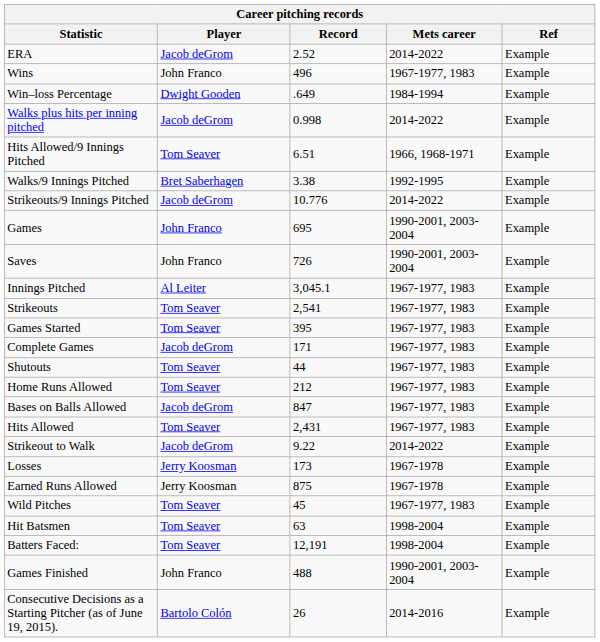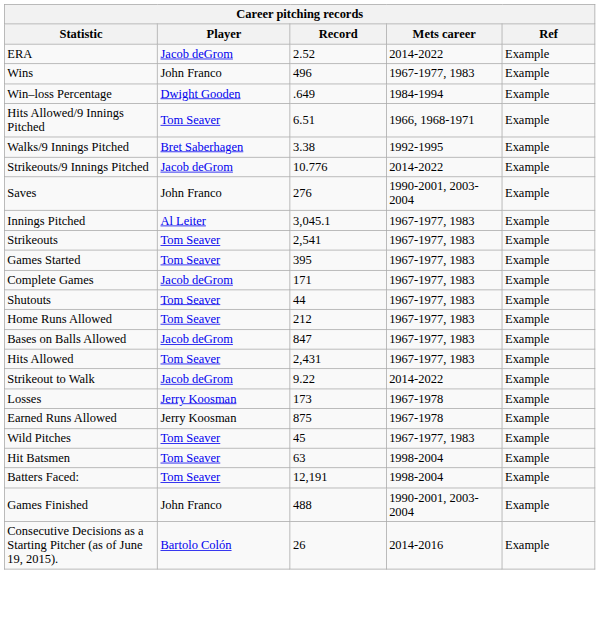 <table class="sortable wikitable" style="text-align:left" width="60%">
 <tr>
 <th colspan=5>Career pitching records</th>
 </tr>
 <tr>
 <th scope="col" width=10%>Statistic</th>
 <th scope="col" width=8%>Player</th>
 <th scope="col" width=6% class="unsortable">Record</th>
 <th scope="col" width=8%>Mets career</th>
 <th scope="col" width=5% class="unsortable">Ref</th>
 </tr>
 <tr>
 <td>ERA</td>
 <td><a href='#'>Jacob deGrom</a></td>
 <td>2.52</td>
 <td>2014-2022</td>
 <td>Example</td>
 </tr>
 <tr>
 <td>Wins</td>
 <td>John Franco</td>
 <td>496</td>
 <td>1967-1977, 1983</td>
 <td>Example</td>
 </tr>
 <tr>
 <td>Win–loss Percentage</td>
 <td><a href='#'>Dwight Gooden</a></td>
 <td>.649</td>
 <td>1984-1994</td>
 <td>Example</td>
 </tr>
 <tr>
-<td><a href='#'>Walks plus hits per inning pitched</a></td>
-<td><a href='#'>Jacob deGrom</a></td>
-<td>0.998</td>
-<td>2014-2022</td>
-<td>Example</td>
-</tr>
-<tr>
 <td>Hits Allowed/9 Innings Pitched</td>
 <td><a href='#'>Tom Seaver</a></td>
 <td>6.51</td>
 <td>1966, 1968-1971</td>
 <td>Example</td>
 </tr>
 <tr>
 <td>Walks/9 Innings Pitched</td>
 <td><a href='#'>Bret Saberhagen</a></td>
 <td>3.38</td>
 <td>1992-1995</td>
 <td>Example</td>
 </tr>
 <tr>
 <td>Strikeouts/9 Innings Pitched</td>
 <td><a href='#'>Jacob deGrom</a></td>
 <td>10.776</td>
 <td>2014-2022</td>
 <td>Example</td>
 </tr>
 <tr>
-<td>Games</td>
-<td><a href='#'>John Franco</a></td>
-<td>695</td>
-<td>1990-2001, 2003-2004</td>
-<td>Example</td>
-</tr>
-<tr>
 <td>Saves</td>
 <td>John Franco</td>
-<td>726</td>
+<td>276</td>
 <td>1990-2001, 2003-2004</td>
 <td>Example</td>
 </tr>
 <tr>
 <td>Innings Pitched</td>
 <td><a href='#'>Al Leiter</a></td>
 <td>3,045.1</td>
 <td>1967-1977, 1983</td>
 <td>Example</td>
 </tr>
 <tr>
 <td>Strikeouts</td>
 <td><a href='#'>Tom Seaver</a></td>
 <td>2,541</td>
 <td>1967-1977, 1983</td>
 <td>Example</td>
 </tr>
 <tr>
 <td>Games Started</td>
 <td><a href='#'>Tom Seaver</a></td>
 <td>395</td>
 <td>1967-1977, 1983</td>
 <td>Example</td>
 </tr>
 <tr>
 <td>Complete Games</td>
 <td><a href='#'>Jacob deGrom</a></td>
 <td>171</td>
 <td>1967-1977, 1983</td>
 <td>Example</td>
 </tr>
 <tr>
 <td>Shutouts</td>
 <td><a href='#'>Tom Seaver</a></td>
 <td>44</td>
 <td>1967-1977, 1983</td>
 <td>Example</td>
 </tr>
 <tr>
 <td>Home Runs Allowed</td>
 <td><a href='#'>Tom Seaver</a></td>
 <td>212</td>
 <td>1967-1977, 1983</td>
 <td>Example</td>
 </tr>
 <tr>
 <td>Bases on Balls Allowed</td>
 <td><a href='#'>Jacob deGrom</a></td>
 <td>847</td>
 <td>1967-1977, 1983</td>
 <td>Example</td>
 </tr>
 <tr>
 <td>Hits Allowed</td>
 <td><a href='#'>Tom Seaver</a></td>
 <td>2,431</td>
 <td>1967-1977, 1983</td>
 <td>Example</td>
 </tr>
 <tr>
 <td>Strikeout to Walk</td>
 <td><a href='#'>Jacob deGrom</a></td>
 <td>9.22</td>
 <td>2014-2022</td>
 <td>Example</td>
 </tr>
 <tr>
 <td>Losses</td>
 <td><a href='#'>Jerry Koosman</a></td>
 <td>173</td>
 <td>1967-1978</td>
 <td>Example</td>
 </tr>
 <tr>
 <td>Earned Runs Allowed</td>
 <td>Jerry Koosman</td>
 <td>875</td>
 <td>1967-1978</td>
 <td>Example</td>
 </tr>
 <tr>
 <td>Wild Pitches</td>
 <td><a href='#'>Tom Seaver</a></td>
 <td>45</td>
 <td>1967-1977, 1983</td>
 <td>Example</td>
 </tr>
 <tr>
 <td>Hit Batsmen</td>
 <td><a href='#'>Tom Seaver</a></td>
 <td>63</td>
 <td>1998-2004</td>
 <td>Example</td>
 </tr>
 <tr>
 <td>Batters Faced:</td>
 <td><a href='#'>Tom Seaver</a></td>
 <td>12,191</td>
 <td>1998-2004</td>
 <td>Example</td>
 </tr>
 <tr>
 <td>Games Finished</td>
 <td>John Franco</td>
 <td>488</td>
 <td>1990-2001, 2003-2004</td>
 <td>Example</td>
 </tr>
 <tr>
 <td>Consecutive Decisions as a Starting Pitcher (as of June 19, 2015).</td>
 <td><a href='#'>Bartolo Colón</a></td>
 <td>26</td>
 <td>2014-2016</td>
 <td>Example</td>
 </tr>
 </table>
